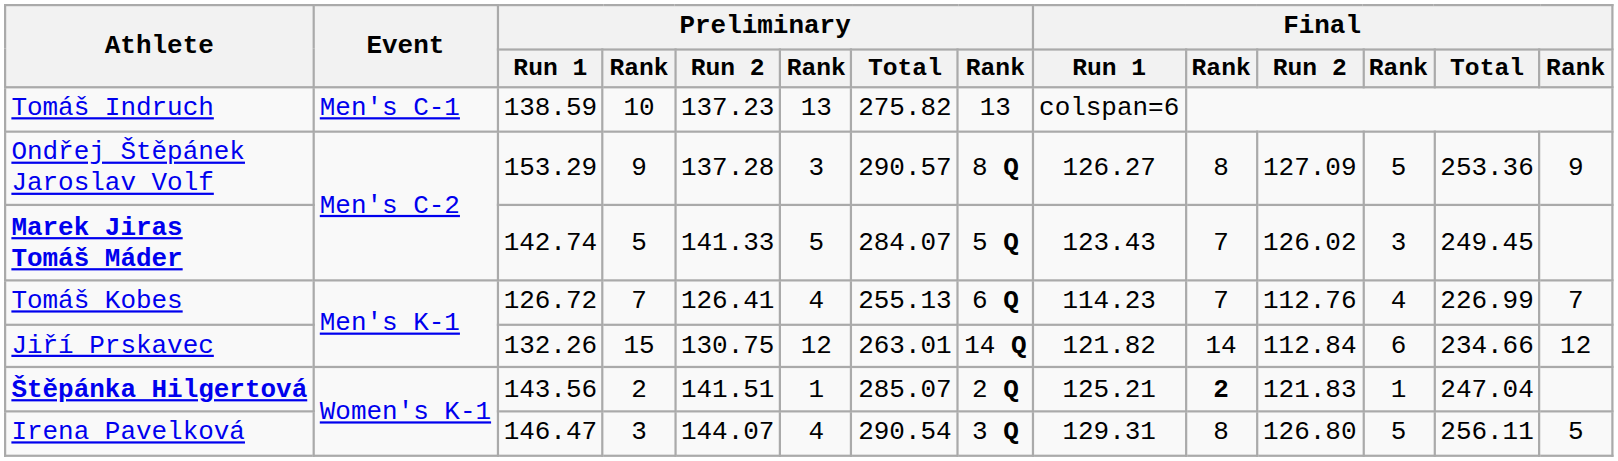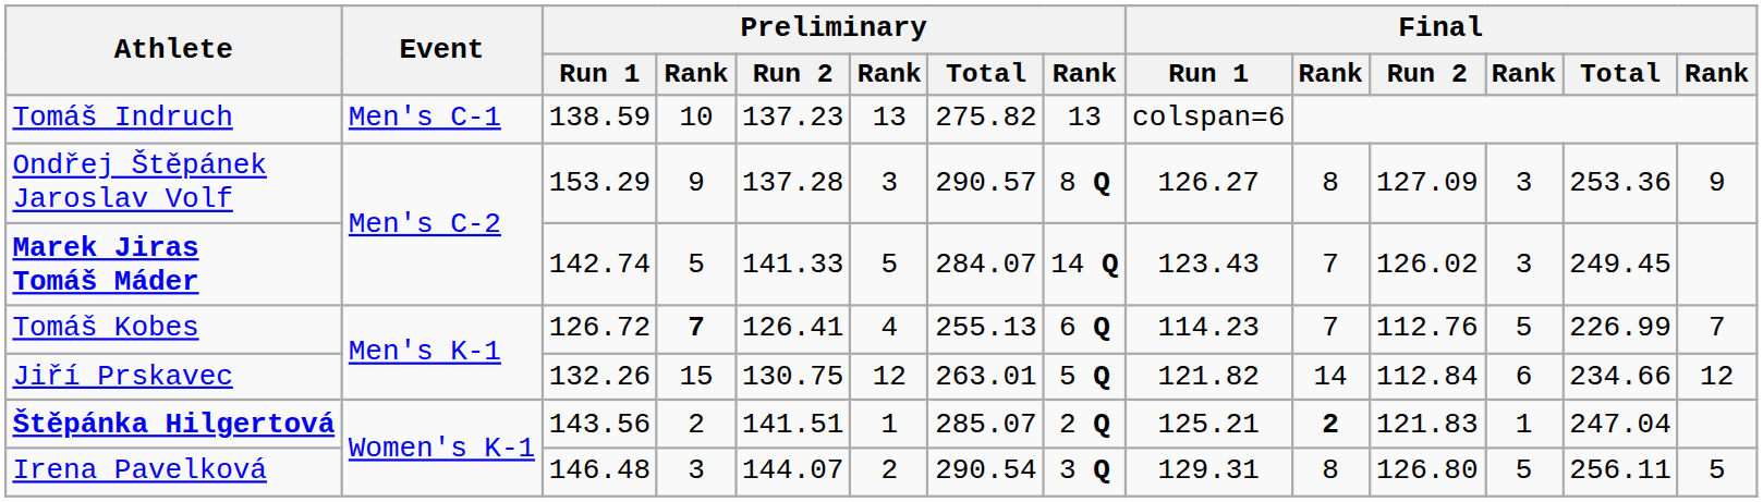 <table class=wikitable style=font-size:90%;text-align:center>
 <tr>
 <th rowspan=2>Athlete</th>
 <th rowspan=2>Event</th>
 <th colspan=6>Preliminary</th>
 <th colspan=6>Final</th>
 </tr>
 <tr style=font-size:95%>
 <th>Run 1</th>
 <th>Rank</th>
 <th>Run 2</th>
 <th>Rank</th>
 <th>Total</th>
 <th>Rank</th>
 <th>Run 1</th>
 <th>Rank</th>
 <th>Run 2</th>
 <th>Rank</th>
 <th>Total</th>
 <th>Rank</th>
 </tr>
 <tr>
 <td align=left><a href='#'>Tomáš Indruch</a></td>
 <td align=left><a href='#'>Men's C-1</a></td>
 <td>138.59</td>
 <td>10</td>
 <td>137.23</td>
 <td>13</td>
 <td>275.82</td>
 <td>13</td>
 <td>colspan=6 </td>
 </tr>
 <tr>
 <td align=left><a href='#'>Ondřej Štěpánek</a><br><a href='#'>Jaroslav Volf</a></td>
 <td align=left rowspan=2><a href='#'>Men's C-2</a></td>
 <td>153.29</td>
 <td>9</td>
 <td>137.28</td>
 <td>3</td>
 <td>290.57</td>
 <td>8 <strong>Q</strong></td>
 <td>126.27</td>
 <td>8</td>
 <td>127.09</td>
-<td>5</td>
+<td>3</td>
 <td>253.36</td>
 <td>9</td>
 </tr>
 <tr>
 <td align=left><strong><a href='#'>Marek Jiras</a><br><a href='#'>Tomáš Máder</a></strong></td>
 <td>142.74</td>
 <td>5</td>
 <td>141.33</td>
 <td>5</td>
 <td>284.07</td>
-<td>5 <strong>Q</strong></td>
+<td>14 <strong>Q</strong></td>
 <td>123.43</td>
 <td>7</td>
 <td>126.02</td>
 <td>3</td>
 <td>249.45</td>
 <td></td>
 </tr>
 <tr>
 <td align=left><a href='#'>Tomáš Kobes</a></td>
 <td align=left rowspan=2><a href='#'>Men's K-1</a></td>
 <td>126.72</td>
-<td>7</td>
+<td><strong>7</strong></td>
 <td>126.41</td>
 <td>4</td>
 <td>255.13</td>
 <td>6 <strong>Q</strong></td>
 <td>114.23</td>
 <td>7</td>
 <td>112.76</td>
-<td>4</td>
+<td>5</td>
 <td>226.99</td>
 <td>7</td>
 </tr>
 <tr>
 <td align=left><a href='#'>Jiří Prskavec</a></td>
 <td>132.26</td>
 <td>15</td>
 <td>130.75</td>
 <td>12</td>
 <td>263.01</td>
-<td>14 <strong>Q</strong></td>
+<td>5 <strong>Q</strong></td>
 <td>121.82</td>
 <td>14</td>
 <td>112.84</td>
 <td>6</td>
 <td>234.66</td>
 <td>12</td>
 </tr>
 <tr>
 <td align=left><strong><a href='#'>Štěpánka Hilgertová</a></strong></td>
 <td align=left rowspan=2><a href='#'>Women's K-1</a></td>
 <td>143.56</td>
 <td>2</td>
 <td>141.51</td>
 <td>1</td>
 <td>285.07</td>
 <td>2 <strong>Q</strong></td>
 <td>125.21</td>
 <td><strong>2</strong></td>
 <td>121.83</td>
 <td>1</td>
 <td>247.04</td>
 <td></td>
 </tr>
 <tr>
 <td align=left><a href='#'>Irena Pavelková</a></td>
-<td>146.47</td>
+<td>146.48</td>
 <td>3</td>
 <td>144.07</td>
-<td>4</td>
+<td>2</td>
 <td>290.54</td>
 <td>3 <strong>Q</strong></td>
 <td>129.31</td>
 <td>8</td>
 <td>126.80</td>
 <td>5</td>
 <td>256.11</td>
 <td>5</td>
 </tr>
 </table>
